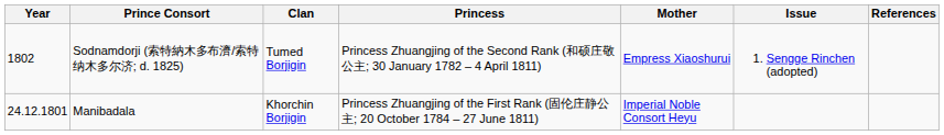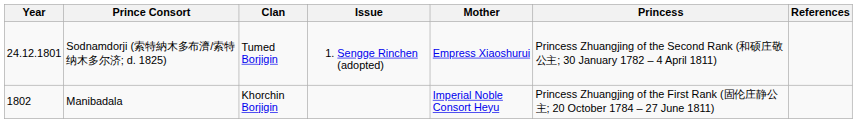 <table class="wikitable">
 <tr>
 <th>Year</th>
 <th>Prince Consort</th>
 <th>Clan</th>
+<th>Issue</th>
+<th>Mother</th>
 <th>Princess</th>
-<th>Mother</th>
-<th>Issue</th>
 <th>References</th>
 </tr>
 <tr>
-<td>1802</td>
+<td>24.12.1801</td>
 <td>Sodnamdorji (索特納木多布濟/索特纳木多尔济; d. 1825)</td>
 <td>Tumed <a href='#'>Borjigin</a></td>
+<td><br><ol><li><a href='#'>Sengge Rinchen</a> (adopted)</li></ol></td>
+<td><a href='#'>Empress Xiaoshurui</a></td>
 <td>Princess Zhuangjing of the Second Rank (和硕庄敬公主; 30 January 1782 – 4 April 1811)</td>
-<td><a href='#'>Empress Xiaoshurui</a></td>
-<td><br><ol><li><a href='#'>Sengge Rinchen</a> (adopted)</li></ol></td>
 <td></td>
 </tr>
 <tr>
-<td>24.12.1801</td>
+<td>1802</td>
 <td>Manibadala</td>
 <td>Khorchin <a href='#'>Borjigin</a></td>
+<td></td>
+<td><a href='#'>Imperial Noble Consort Heyu</a></td>
 <td>Princess Zhuangjing of the First Rank (固伦庄静公主; 20 October 1784 – 27 June 1811)</td>
-<td><a href='#'>Imperial Noble Consort Heyu</a></td>
-<td></td>
 <td></td>
 </tr>
 </table>
